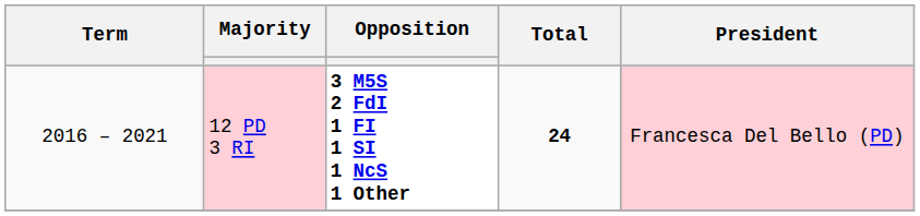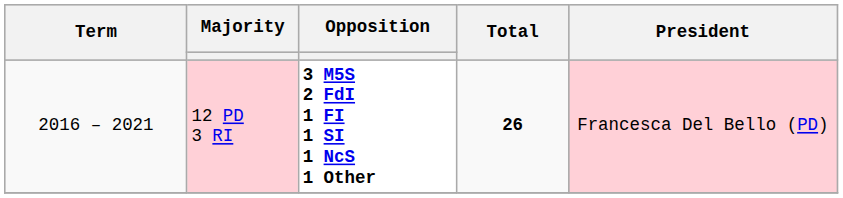 <table class="wikitable" style="text-align:center;font-size:85%;line-height:13px">
 <tr style="height:30px; background-color:#E9E9E9">
 <th style="width:110px;" rowspan="2">Term</th>
 <th style="width:65px;">Majority</th>
 <th style="width:95px;">Opposition</th>
 <th style="width:65px;" rowspan="2">Total</th>
 <th style="width:165px;" rowspan="2">President</th>
 </tr>
 <tr>
 <th style="background:"></th>
 <th style="background:"></th>
 </tr>
 <tr>
 <td>2016 – 2021</td>
 <td style="background:#FFD0D7; text-align:left;">12 <a href='#'>PD</a> <br>3 <a href='#'>RI</a></td>
 <td style="background:white; text-align:left;"><strong>3 <a href='#'>M5S</a> <br> 2 <a href='#'>FdI</a> <br> 1 <a href='#'>FI</a><br> 1 <a href='#'>SI</a> <br> 1 <a href='#'>NcS</a> <br> 1 Other</strong></td>
-<td><strong>24</strong></td>
+<td><strong>26</strong></td>
 <td style="background:#FFD0D7; text-align:center;">Francesca Del Bello (<a href='#'>PD</a>)</td>
 </tr>
 <tr>
 </tr>
 </table>
